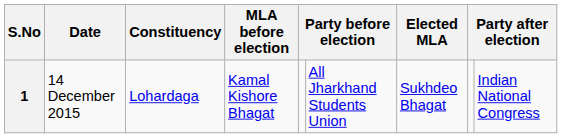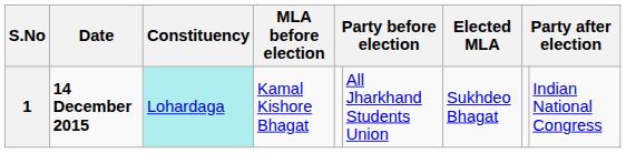 <table class="wikitable sortable">
 <tr>
 <th>S.No</th>
 <th>Date</th>
 <th>Constituency</th>
 <th>MLA before election</th>
 <th colspan="2">Party before election</th>
 <th>Elected MLA</th>
 <th colspan="2">Party after election</th>
 </tr>
 <tr>
 <th>1</th>
-<td>14 December 2015</td>
-<td><a href='#'>Lohardaga</a></td>
+<td><strong>14 December 2015</strong></td>
+<td style="background: paleturquoise;"><a href='#'>Lohardaga</a></td>
 <td><a href='#'>Kamal Kishore Bhagat</a></td>
 <td></td>
 <td><a href='#'>All Jharkhand Students Union</a></td>
 <td><a href='#'>Sukhdeo Bhagat</a></td>
 <td></td>
 <td><a href='#'>Indian National Congress</a></td>
 </tr>
 </table>
